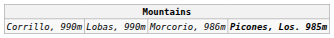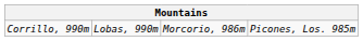 <table class="wikitable" align=>
 <tr>
 <th colspan="4">Mountains</th>
 </tr>
 <tr>
 <td><em>Corrillo, 990m</em></td>
 <td><em>Lobas, 990m</em></td>
 <td><em>Morcorio, 986m</em></td>
-<td><strong><em>Picones, Los. 985m</em></strong></td>
+<td><em>Picones, Los. 985m</em></td>
 </tr>
 </table>
